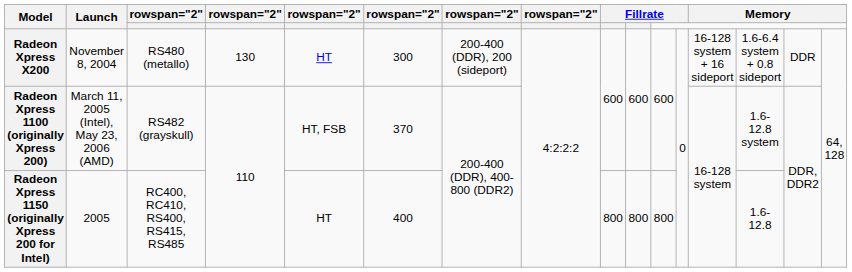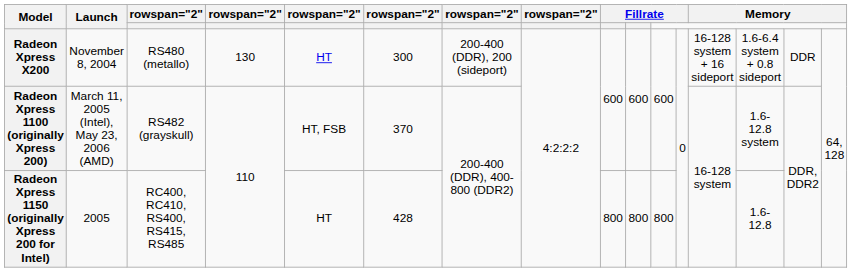 <table class="mw-datatable wikitable sortable" style="font-size:85%; text-align:center;">
 <tr>
 <th rowspan="2">Model</th>
 <th rowspan="2">Launch</th>
 <th>rowspan="2" </th>
 <th>rowspan="2" </th>
 <th>rowspan="2" </th>
 <th>rowspan="2" </th>
 <th>rowspan="2" </th>
 <th>rowspan="2" </th>
 <th colspan="4"><a href='#'>Fillrate</a></th>
 <th colspan="4">Memory</th>
 </tr>
 <tr>
 <th></th>
 <th></th>
 <th></th>
 <th></th>
 <th></th>
 <th></th>
 <th></th>
 <th></th>
 </tr>
 <tr>
 <th>Radeon Xpress X200</th>
 <td>November 8, 2004</td>
 <td>RS480 (metallo)</td>
 <td>130</td>
 <td><a href='#'>HT</a></td>
 <td>300</td>
 <td>200-400 (DDR), 200 (sideport)</td>
 <td rowspan="3">4:2:2:2</td>
 <td rowspan="2">600</td>
 <td rowspan="2">600</td>
 <td rowspan="2">600</td>
 <td rowspan="3">0</td>
 <td>16-128 system + 16 sideport</td>
 <td>1.6-6.4 system + 0.8 sideport</td>
 <td>DDR</td>
 <td rowspan="3">64, 128</td>
 </tr>
 <tr>
 <th>Radeon Xpress 1100 (originally Xpress 200)</th>
 <td>March 11, 2005 (Intel), May 23, 2006 (AMD)</td>
 <td>RS482 (grayskull)</td>
 <td rowspan="2">110</td>
 <td>HT, FSB</td>
 <td>370</td>
 <td rowspan="2">200-400 (DDR), 400-800 (DDR2)</td>
 <td rowspan="2">16-128 system</td>
 <td>1.6-<br>12.8 system</td>
 <td rowspan="2">DDR, DDR2</td>
 </tr>
 <tr>
 <th>Radeon Xpress 1150 (originally Xpress 200 for Intel)</th>
 <td>2005</td>
 <td>RC400, RC410, RS400, RS415, RS485</td>
 <td>HT</td>
-<td>400</td>
+<td>428</td>
 <td>800</td>
 <td>800</td>
 <td>800</td>
 <td>1.6-12.8</td>
 </tr>
 </table>
